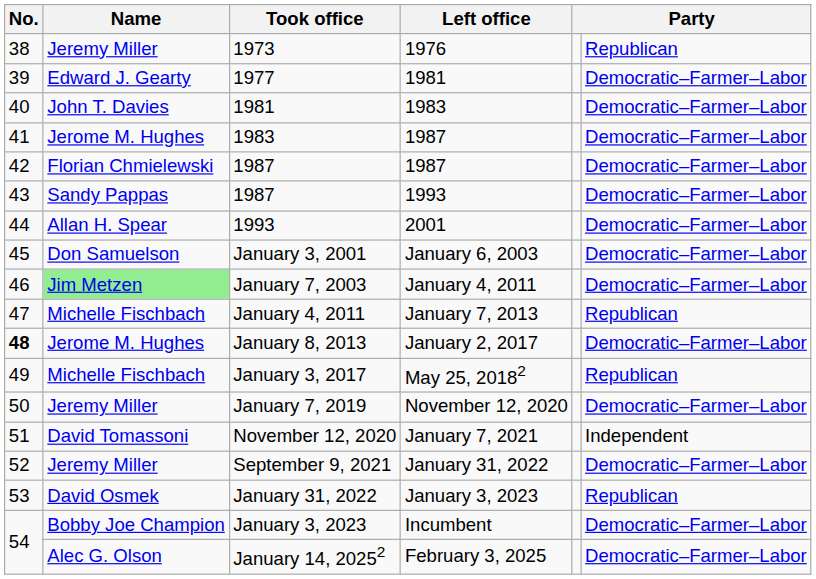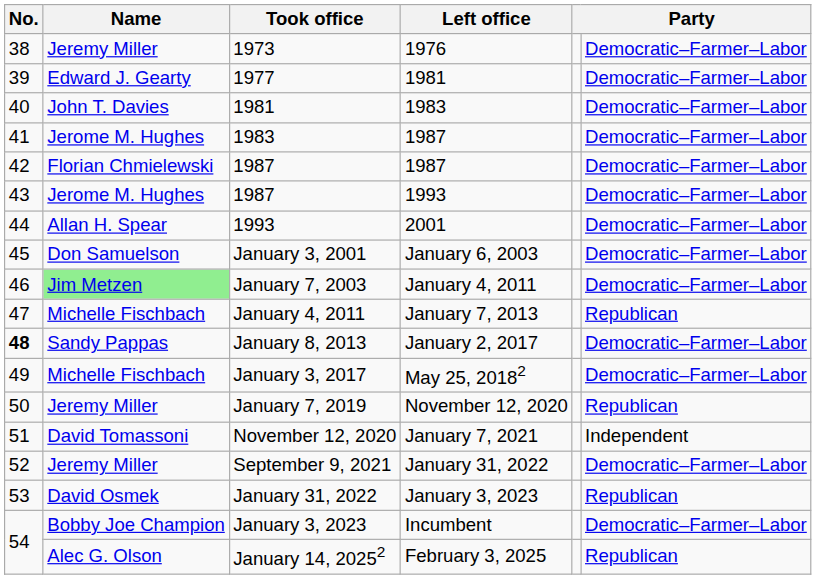 <table class="wikitable sortable">
 <tr>
 <th>No.</th>
 <th>Name</th>
 <th>Took office</th>
 <th>Left office</th>
 <th colspan="2">Party</th>
 </tr>
 <tr>
 <td>38</td>
 <td><a href='#'>Jeremy Miller</a></td>
 <td>1973</td>
 <td>1976</td>
 <td style="background:"></td>
-<td><a href='#'>Republican</a></td>
+<td><a href='#'>Democratic–Farmer–Labor</a></td>
 </tr>
 <tr>
 <td>39</td>
 <td><a href='#'>Edward J. Gearty</a></td>
 <td>1977</td>
 <td>1981</td>
 <td style="background:"></td>
 <td><a href='#'>Democratic–Farmer–Labor</a></td>
 </tr>
 <tr>
 <td>40</td>
 <td><a href='#'>John T. Davies</a></td>
 <td>1981</td>
 <td>1983</td>
 <td style="background:"></td>
 <td><a href='#'>Democratic–Farmer–Labor</a></td>
 </tr>
 <tr>
 <td>41</td>
 <td><a href='#'>Jerome M. Hughes</a></td>
 <td>1983</td>
 <td>1987</td>
 <td style="background:"></td>
 <td><a href='#'>Democratic–Farmer–Labor</a></td>
 </tr>
 <tr>
 <td>42</td>
 <td><a href='#'>Florian Chmielewski</a></td>
 <td>1987</td>
 <td>1987</td>
 <td style="background:"></td>
 <td><a href='#'>Democratic–Farmer–Labor</a></td>
 </tr>
 <tr>
 <td>43</td>
-<td><a href='#'>Sandy Pappas</a></td>
+<td><a href='#'>Jerome M. Hughes</a></td>
 <td>1987</td>
 <td>1993</td>
 <td style="background:"></td>
 <td><a href='#'>Democratic–Farmer–Labor</a></td>
 </tr>
 <tr>
 <td>44</td>
 <td><a href='#'>Allan H. Spear</a></td>
 <td>1993</td>
 <td>2001</td>
 <td style="background:"></td>
 <td><a href='#'>Democratic–Farmer–Labor</a></td>
 </tr>
 <tr>
 <td>45</td>
 <td><a href='#'>Don Samuelson</a></td>
 <td>January 3, 2001</td>
 <td>January 6, 2003</td>
 <td style="background:"></td>
 <td><a href='#'>Democratic–Farmer–Labor</a></td>
 </tr>
 <tr>
 <td>46</td>
 <td style="background: lightgreen;"><a href='#'>Jim Metzen</a></td>
 <td>January 7, 2003</td>
 <td>January 4, 2011</td>
 <td style="background:"></td>
 <td><a href='#'>Democratic–Farmer–Labor</a></td>
 </tr>
 <tr>
 <td>47</td>
 <td><a href='#'>Michelle Fischbach</a></td>
 <td>January 4, 2011</td>
 <td>January 7, 2013</td>
 <td style="background:"></td>
 <td><a href='#'>Republican</a></td>
 </tr>
 <tr>
 <td><strong>48</strong></td>
-<td><a href='#'>Jerome M. Hughes</a></td>
+<td><a href='#'>Sandy Pappas</a></td>
 <td>January 8, 2013</td>
 <td>January 2, 2017</td>
 <td style="background:"></td>
 <td><a href='#'>Democratic–Farmer–Labor</a></td>
 </tr>
 <tr>
 <td>49</td>
 <td><a href='#'>Michelle Fischbach</a></td>
 <td>January 3, 2017</td>
 <td>May 25, 2018<sup>2</sup></td>
 <td style="background:"></td>
-<td><a href='#'>Republican</a></td>
+<td><a href='#'>Democratic–Farmer–Labor</a></td>
 </tr>
 <tr>
 <td>50</td>
 <td><a href='#'>Jeremy Miller</a></td>
 <td>January 7, 2019</td>
 <td>November 12, 2020</td>
 <td style="background:"></td>
-<td><a href='#'>Democratic–Farmer–Labor</a></td>
+<td><a href='#'>Republican</a></td>
 </tr>
 <tr>
 <td>51</td>
 <td><a href='#'>David Tomassoni</a></td>
 <td>November 12, 2020</td>
 <td>January 7, 2021</td>
 <td style="background:"></td>
 <td>Independent</td>
 </tr>
 <tr>
 <td>52</td>
 <td><a href='#'>Jeremy Miller</a></td>
 <td>September 9, 2021</td>
 <td>January 31, 2022</td>
 <td style="background:"></td>
 <td><a href='#'>Democratic–Farmer–Labor</a></td>
 </tr>
 <tr>
 <td>53</td>
 <td><a href='#'>David Osmek</a></td>
 <td>January 31, 2022</td>
 <td>January 3, 2023</td>
 <td style="background:"></td>
 <td><a href='#'>Republican</a></td>
 </tr>
 <tr>
 <td rowspan="2">54</td>
 <td><a href='#'>Bobby Joe Champion</a></td>
 <td>January 3, 2023</td>
 <td>Incumbent</td>
 <td style="background:"></td>
 <td><a href='#'>Democratic–Farmer–Labor</a></td>
 </tr>
 <tr>
 <td><a href='#'>Alec G. Olson</a></td>
 <td>January 14, 2025<sup>2</sup></td>
 <td>February 3, 2025</td>
 <td style="background:"></td>
-<td><a href='#'>Democratic–Farmer–Labor</a></td>
+<td><a href='#'>Republican</a></td>
 </tr>
 </table>
